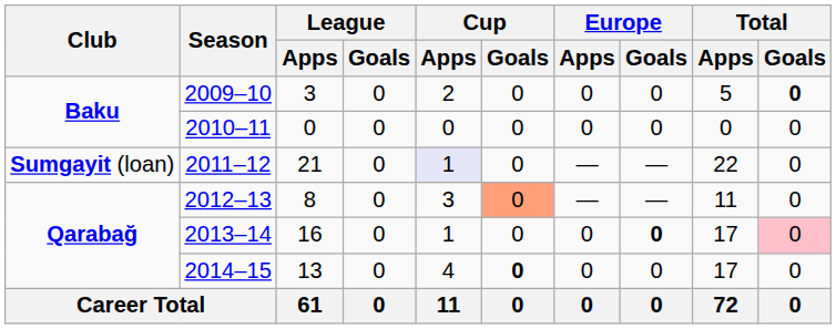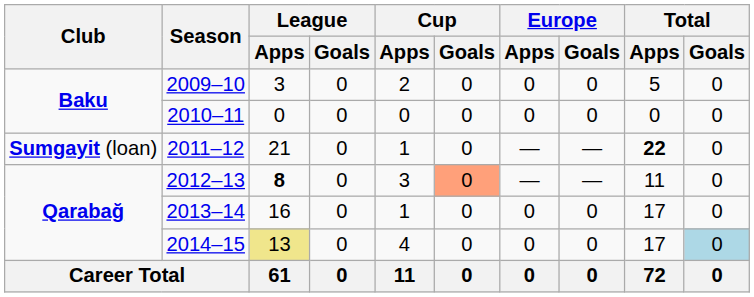 <table class="wikitable" style="text-align: center;">
 <tr>
 <th rowspan="2">Club</th>
 <th rowspan="2">Season</th>
 <th colspan="2">League</th>
 <th colspan="2">Cup</th>
 <th colspan="2"><a href='#'>Europe</a></th>
 <th colspan="2">Total</th>
 </tr>
 <tr>
 <th>Apps</th>
 <th>Goals</th>
 <th>Apps</th>
 <th>Goals</th>
 <th>Apps</th>
 <th>Goals</th>
 <th>Apps</th>
 <th>Goals</th>
 </tr>
 <tr>
 <td rowspan="2" style="vertical-align:center;"><strong><a href='#'>Baku</a></strong></td>
 <td><a href='#'>2009–10</a></td>
 <td>3</td>
 <td>0</td>
 <td>2</td>
 <td>0</td>
 <td>0</td>
 <td>0</td>
 <td>5</td>
-<td><strong>0</strong></td>
+<td>0</td>
 </tr>
 <tr style="text-align:center;">
 <td><a href='#'>2010–11</a></td>
 <td>0</td>
 <td>0</td>
 <td>0</td>
 <td>0</td>
 <td>0</td>
 <td>0</td>
 <td>0</td>
 <td>0</td>
 </tr>
 <tr>
 <td rowspan="1" style="vertical-align:center;"><strong><a href='#'>Sumgayit</a></strong> (loan)</td>
 <td><a href='#'>2011–12</a></td>
 <td>21</td>
 <td>0</td>
-<td style="background: lavender;">1</td>
+<td>1</td>
 <td>0</td>
 <td>—</td>
 <td>—</td>
-<td>22</td>
+<td><strong>22</strong></td>
 <td>0</td>
 </tr>
 <tr>
 <td rowspan="3" style="vertical-align:center;"><strong><a href='#'>Qarabağ</a></strong></td>
 <td><a href='#'>2012–13</a></td>
-<td>8</td>
+<td><strong>8</strong></td>
 <td>0</td>
 <td>3</td>
 <td style="background: lightsalmon;">0</td>
 <td>—</td>
 <td>—</td>
 <td>11</td>
 <td>0</td>
 </tr>
 <tr>
 <td><a href='#'>2013–14</a></td>
 <td>16</td>
 <td>0</td>
 <td>1</td>
 <td>0</td>
 <td>0</td>
-<td><strong>0</strong></td>
+<td>0</td>
 <td>17</td>
-<td style="background: pink;">0</td>
+<td>0</td>
 </tr>
 <tr>
 <td><a href='#'>2014–15</a></td>
-<td>13</td>
+<td style="background: khaki;">13</td>
 <td>0</td>
 <td>4</td>
-<td><strong>0</strong></td>
+<td>0</td>
 <td>0</td>
 <td>0</td>
 <td>17</td>
-<td>0</td>
+<td style="background: lightblue;">0</td>
 </tr>
 <tr>
 <th colspan="2">Career Total</th>
 <th>61</th>
 <th>0</th>
 <th>11</th>
 <th>0</th>
 <th>0</th>
 <th>0</th>
 <th>72</th>
 <th>0</th>
 </tr>
 </table>
